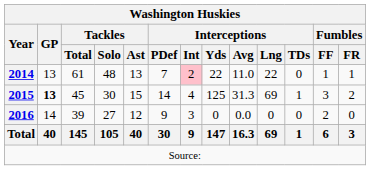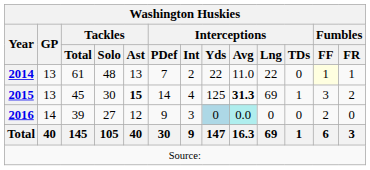 <table class="wikitable" style="text-align: center;">
 <tr>
 <th colspan="15"><strong>Washington Huskies</strong></th>
 </tr>
 <tr>
 <th rowspan="2">Year</th>
 <th rowspan="2">GP</th>
 <th colspan=3>Tackles</th>
 <th colspan=6>Interceptions</th>
 <th colspan=2>Fumbles</th>
 </tr>
 <tr>
 <th>Total</th>
 <th>Solo</th>
 <th>Ast</th>
 <th>PDef</th>
 <th>Int</th>
 <th>Yds</th>
 <th>Avg</th>
 <th>Lng</th>
 <th>TDs</th>
 <th>FF</th>
 <th>FR</th>
 </tr>
 <tr>
 <th><a href='#'>2014</a></th>
 <td>13</td>
 <td>61</td>
 <td>48</td>
 <td>13</td>
 <td>7</td>
-<td style="background: pink;">2</td>
+<td>2</td>
 <td>22</td>
 <td>11.0</td>
 <td>22</td>
 <td>0</td>
-<td>1</td>
+<td style="background: lightyellow;">1</td>
 <td>1</td>
 </tr>
 <tr>
 <th><a href='#'>2015</a></th>
-<td><strong>13</strong></td>
+<td>13</td>
 <td>45</td>
 <td>30</td>
-<td>15</td>
+<td><strong>15</strong></td>
 <td>14</td>
 <td>4</td>
 <td>125</td>
-<td>31.3</td>
+<td><strong>31.3</strong></td>
 <td>69</td>
 <td>1</td>
 <td>3</td>
 <td>2</td>
 </tr>
 <tr>
 <th><a href='#'>2016</a></th>
 <td>14</td>
 <td>39</td>
 <td>27</td>
 <td>12</td>
 <td>9</td>
 <td>3</td>
-<td>0</td>
-<td>0.0</td>
+<td style="background: lightblue;">0</td>
+<td style="background: paleturquoise;">0.0</td>
 <td>0</td>
 <td>0</td>
 <td>2</td>
 <td>0</td>
 </tr>
 <tr>
 <th>Total</th>
 <th>40</th>
 <th>145</th>
 <th>105</th>
 <th>40</th>
 <th>30</th>
 <th>9</th>
 <th>147</th>
 <th>16.3</th>
 <th>69</th>
 <th>1</th>
 <th>6</th>
 <th>3</th>
 </tr>
 <tr>
 <td colspan="15"><small>Source: </small></td>
 </tr>
 </table>
